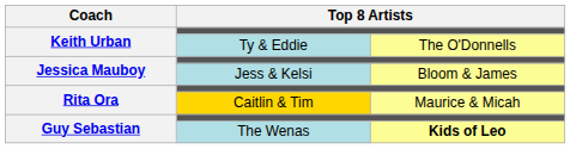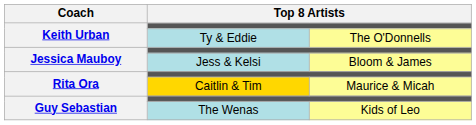 <table class="wikitable" style="text-align:center; width:50%">
 <tr>
 <th style="width:15%">Coach</th>
 <th style="width:34%" colspan="2">Top 8 Artists</th>
 </tr>
 <tr>
 <th rowspan="2"><a href='#'>Keith Urban</a></th>
 <td colspan="2" style="background:#555"></td>
 </tr>
 <tr>
 <td style="width:17%; background:#b0e0e6">Ty & Eddie</td>
 <td style="background:#FDFD96">The O'Donnells</td>
 </tr>
 <tr>
 <th rowspan="2"><a href='#'>Jessica Mauboy</a></th>
 <td colspan="2" style="background:#555"></td>
 </tr>
 <tr>
 <td style="background:#b0e0e6">Jess & Kelsi</td>
 <td style="background:#FDFD96">Bloom & James</td>
 </tr>
 <tr>
 <th rowspan="2"><a href='#'>Rita Ora</a></th>
 <td colspan="2" style="background:#555"></td>
 </tr>
 <tr>
 <td style="background: gold">Caitlin & Tim</td>
 <td style="background:#FDFD96">Maurice & Micah</td>
 </tr>
 <tr>
 <th rowspan="2"><a href='#'>Guy Sebastian</a></th>
 <td colspan="2" style="background:#555"></td>
 </tr>
 <tr>
 <td style="background:#b0e0e6">The Wenas</td>
-<td style="background:#FDFD96"><strong>Kids of Leo</strong></td>
+<td style="background:#FDFD96">Kids of Leo</td>
 </tr>
 </table>
